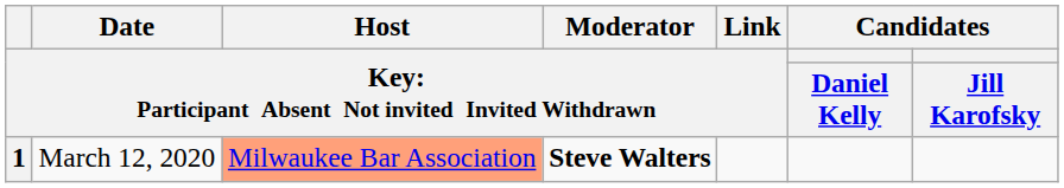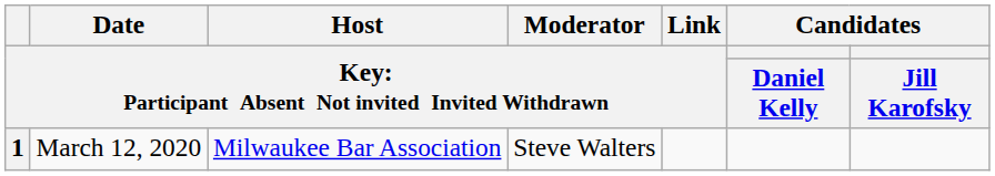 <table class="wikitable" style="text-align:center;">
 <tr>
 <th scope="col"></th>
 <th scope="col">Date</th>
 <th scope="col">Host</th>
 <th scope="col">Moderator</th>
 <th scope="col">Link</th>
 <th scope="col" colspan="2">Candidates</th>
 </tr>
 <tr>
 <th colspan="5" rowspan="2">Key:<br> <small>Participant </small>  <small>Absent </small>  <small>Not invited </small>  <small>Invited  Withdrawn</small></th>
 <th scope="col" style="background:"></th>
 <th scope="col" style="background:"></th>
 </tr>
 <tr>
 <th scope="col"><a href='#'>Daniel Kelly</a></th>
 <th scope="col"><a href='#'>Jill Karofsky</a></th>
 </tr>
 <tr>
 <th>1</th>
 <td style="white-space:nowrap;">March 12, 2020</td>
-<td style="background: lightsalmon; white-space:nowrap;"><a href='#'>Milwaukee Bar Association</a></td>
-<td style="white-space:nowrap;"><strong>Steve Walters</strong></td>
+<td style="white-space:nowrap;"><a href='#'>Milwaukee Bar Association</a></td>
+<td style="white-space:nowrap;">Steve Walters</td>
 <td style="white-space:nowrap;"></td>
 <td></td>
 <td></td>
 </tr>
 </table>
